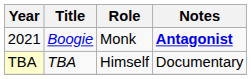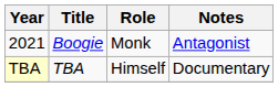 <table class="wikitable">
 <tr>
 <th>Year</th>
 <th>Title</th>
 <th>Role</th>
 <th>Notes</th>
 </tr>
 <tr>
 <td>2021</td>
 <td><em><a href='#'>Boogie</a></em></td>
 <td>Monk</td>
-<td><strong><a href='#'>Antagonist</a></strong></td>
+<td><a href='#'>Antagonist</a></td>
 </tr>
 <tr>
 <td scope="row" style="background:#FFFFCC;">TBA</td>
 <td><em>TBA</em></td>
 <td>Himself</td>
 <td>Documentary  </td>
 </tr>
 <tr>
 </tr>
 </table>
